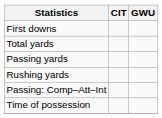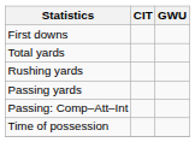 <table class="wikitable" style="float: left;">
 <tr>
 <th>Statistics</th>
 <th>CIT</th>
 <th>GWU</th>
 </tr>
 <tr>
 <td>First downs</td>
 <td></td>
 <td></td>
 </tr>
 <tr>
 <td>Total yards</td>
 <td></td>
 <td></td>
 </tr>
 <tr>
-<td>Passing yards</td>
+<td>Rushing yards</td>
 <td></td>
 <td></td>
 </tr>
 <tr>
-<td>Rushing yards</td>
+<td>Passing yards</td>
 <td></td>
 <td></td>
 </tr>
 <tr>
 <td>Passing: Comp–Att–Int</td>
 <td></td>
 <td></td>
 </tr>
 <tr>
 <td>Time of possession</td>
 <td></td>
 <td></td>
 </tr>
 <tr>
 </tr>
 </table>
